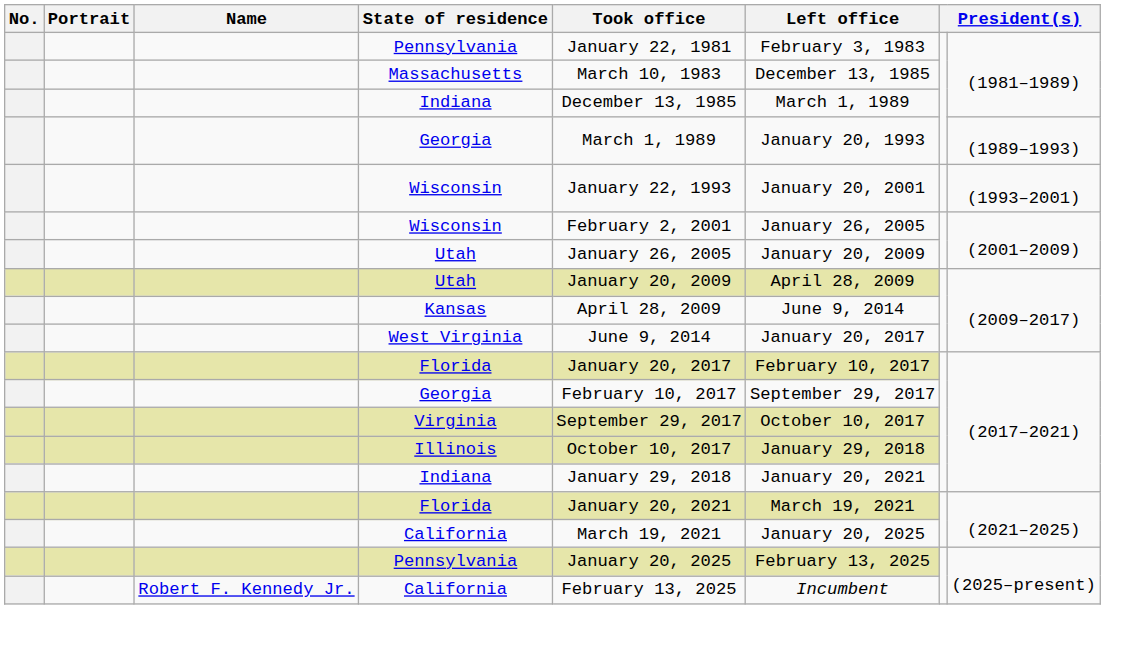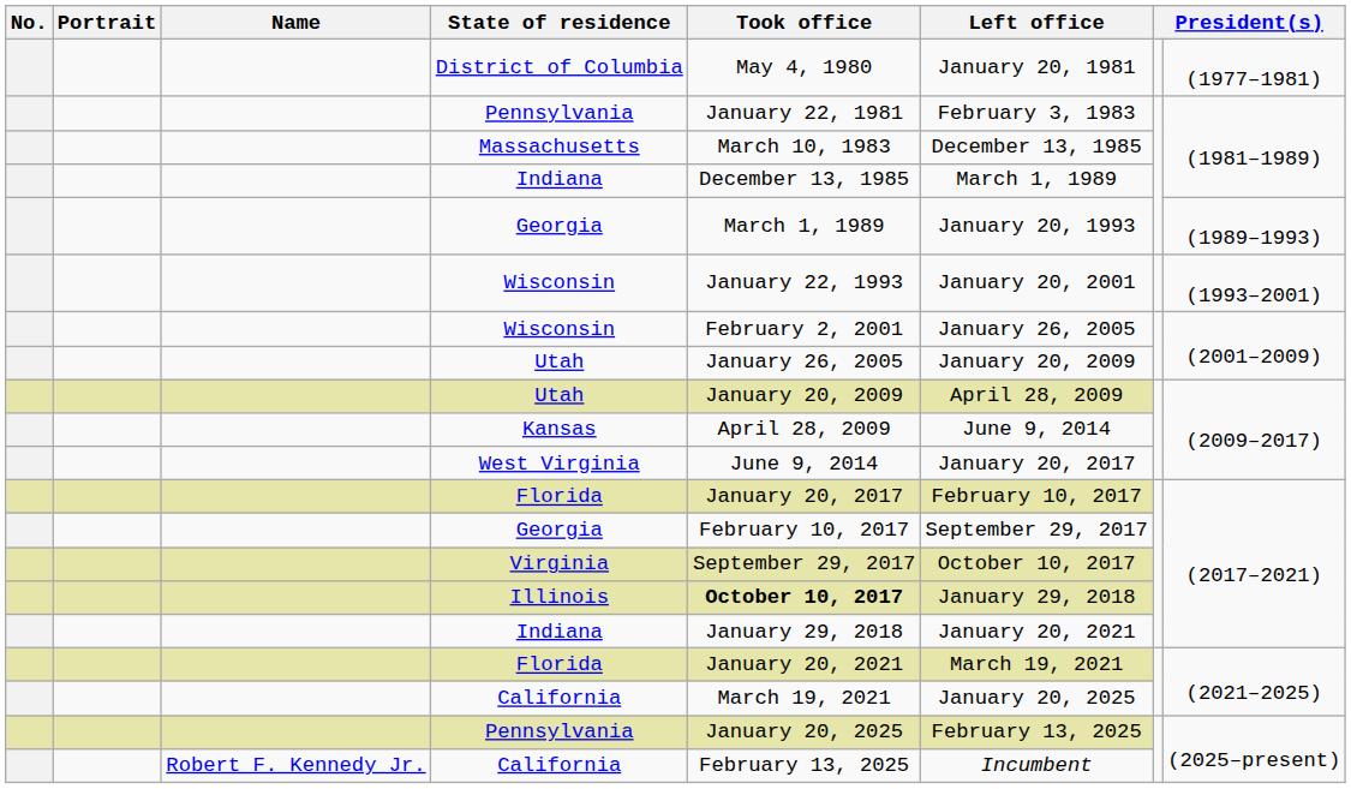 <table class="wikitable sortable" style="text-align:center">
 <tr>
 <th>No.</th>
 <th class=unsortable>Portrait</th>
 <th>Name</th>
 <th>State of residence</th>
 <th>Took office</th>
 <th>Left office</th>
 <th colspan=2><a href='#'>President(s)</a></th>
+</tr>
+<tr>
+<th style="background: "></th>
+<td></td>
+<td></td>
+<td><a href='#'>District of Columbia</a></td>
+<td>May 4, 1980</td>
+<td>January 20, 1981</td>
+<td style="background: "></td>
+<td><br>(1977–1981)</td>
 </tr>
 <tr>
 <th style="background: "></th>
 <td></td>
 <td></td>
 <td><a href='#'>Pennsylvania</a></td>
 <td>January 22, 1981</td>
 <td>February 3, 1983</td>
 <td rowspan=4 style="background: "></td>
 <td rowspan=3><br>(1981–1989)</td>
 </tr>
 <tr>
 <th style="background: "></th>
 <td></td>
 <td></td>
 <td><a href='#'>Massachusetts</a></td>
 <td>March 10, 1983</td>
 <td>December 13, 1985</td>
 </tr>
 <tr>
 <th style="background: "></th>
 <td></td>
 <td></td>
 <td><a href='#'>Indiana</a></td>
 <td>December 13, 1985</td>
 <td>March 1, 1989</td>
 </tr>
 <tr>
 <th style="background: "></th>
 <td></td>
 <td></td>
 <td><a href='#'>Georgia</a></td>
 <td>March 1, 1989</td>
 <td>January 20, 1993</td>
 <td><br>(1989–1993)</td>
 </tr>
 <tr>
 <th style="background: "></th>
 <td></td>
 <td></td>
 <td><a href='#'>Wisconsin</a></td>
 <td>January 22, 1993</td>
 <td>January 20, 2001</td>
 <td style="background: "></td>
 <td><br>(1993–2001)</td>
 </tr>
 <tr>
 <th style="background: "></th>
 <td></td>
 <td></td>
 <td><a href='#'>Wisconsin</a></td>
 <td>February 2, 2001</td>
 <td>January 26, 2005</td>
 <td rowspan=2 style="background: "></td>
 <td rowspan=2><br>(2001–2009)</td>
 </tr>
 <tr>
 <th style="background: "></th>
 <td></td>
 <td></td>
 <td><a href='#'>Utah</a></td>
 <td>January 26, 2005</td>
 <td>January 20, 2009</td>
 </tr>
 <tr>
 <th style="background:#E6E6AA;"></th>
 <td style="background:#e6e6aa;"></td>
 <td style="background:#e6e6aa;"></td>
 <td style="background:#e6e6aa;"><a href='#'>Utah</a></td>
 <td style="background:#e6e6aa;">January 20, 2009</td>
 <td style="background:#e6e6aa;">April 28, 2009</td>
 <td rowspan=3 style="background: "></td>
 <td rowspan=3><br>(2009–2017)</td>
 </tr>
 <tr>
 <th style="background: "></th>
 <td></td>
 <td></td>
 <td><a href='#'>Kansas</a></td>
 <td>April 28, 2009</td>
 <td>June 9, 2014</td>
 </tr>
 <tr>
 <th style="background: "></th>
 <td></td>
 <td></td>
 <td><a href='#'>West Virginia</a></td>
 <td>June 9, 2014</td>
 <td>January 20, 2017</td>
 </tr>
 <tr>
 <th style="background:#E6E6AA;"></th>
 <td style="background:#e6e6aa;"></td>
 <td style="background:#e6e6aa;"></td>
 <td style="background:#e6e6aa;"><a href='#'>Florida</a></td>
 <td style="background:#e6e6aa;">January 20, 2017</td>
 <td style="background:#e6e6aa;">February 10, 2017</td>
 <td rowspan=5 style="background: "></td>
 <td rowspan=5><br>(2017–2021)</td>
 </tr>
 <tr>
 <th style="background: "></th>
 <td></td>
 <td></td>
 <td><a href='#'>Georgia</a></td>
 <td>February 10, 2017</td>
 <td>September 29, 2017</td>
 </tr>
 <tr>
 <th style="background:#E6E6AA;"></th>
 <td style="background:#e6e6aa;"></td>
 <td style="background:#e6e6aa;"></td>
 <td style="background:#e6e6aa;"><a href='#'>Virginia</a></td>
 <td style="background:#e6e6aa;">September 29, 2017</td>
 <td style="background:#e6e6aa;">October 10, 2017</td>
 </tr>
 <tr>
 <th style="background:#E6E6AA;"></th>
 <td style="background:#e6e6aa;"></td>
 <td style="background:#e6e6aa;"></td>
 <td style="background:#e6e6aa;"><a href='#'>Illinois</a></td>
-<td style="background:#e6e6aa;">October 10, 2017</td>
+<td style="background:#e6e6aa;"><strong>October 10, 2017</strong></td>
 <td style="background:#e6e6aa;">January 29, 2018</td>
 </tr>
 <tr>
 <th style="background: "></th>
 <td></td>
 <td></td>
 <td><a href='#'>Indiana</a></td>
 <td>January 29, 2018</td>
 <td>January 20, 2021</td>
 </tr>
 <tr>
 <th style="background:#E6E6AA;"></th>
 <td style="background:#e6e6aa;"></td>
 <td style="background:#e6e6aa;"></td>
 <td style="background:#e6e6aa;"><a href='#'>Florida</a></td>
 <td style="background:#e6e6aa;">January 20, 2021</td>
 <td style="background:#e6e6aa;">March 19, 2021</td>
 <td rowspan=2 style="background: "></td>
 <td rowspan=2><br>(2021–2025)</td>
 </tr>
 <tr>
 <th style="background: "></th>
 <td></td>
 <td></td>
 <td><a href='#'>California</a></td>
 <td>March 19, 2021</td>
 <td>January 20, 2025</td>
 </tr>
 <tr>
 <th style="background:#E6E6AA;"></th>
 <td style="background:#e6e6aa;"></td>
 <td style="background:#e6e6aa;"></td>
 <td style="background:#e6e6aa;"><a href='#'>Pennsylvania</a></td>
 <td style="background:#e6e6aa;">January 20, 2025</td>
 <td style="background:#e6e6aa;">February 13, 2025</td>
 <td rowspan=2 style="background: "></td>
 <td rowspan=2><br>(2025–present)</td>
 </tr>
 <tr>
 <th style="background: "></th>
 <td></td>
 <td><a href='#'>Robert F. Kennedy Jr.</a></td>
 <td><a href='#'>California</a></td>
 <td>February 13, 2025</td>
 <td><em>Incumbent</em></td>
 </tr>
 </table>
